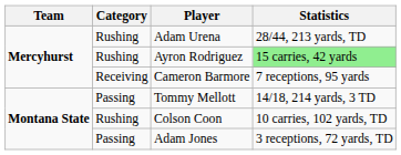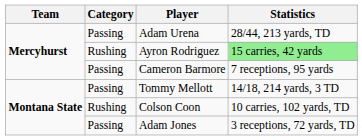 <table class="wikitable" style="float: right;">
 <tr>
 <th>Team</th>
 <th>Category</th>
 <th>Player</th>
 <th>Statistics</th>
 </tr>
 <tr>
 <td rowspan=3><strong>Mercyhurst</strong></td>
-<td>Rushing</td>
+<td>Passing</td>
 <td>Adam Urena</td>
 <td>28/44, 213 yards, TD</td>
 </tr>
 <tr>
 <td>Rushing</td>
 <td>Ayron Rodriguez</td>
 <td style="background: lightgreen;">15 carries, 42 yards</td>
 </tr>
 <tr>
-<td>Receiving</td>
+<td>Passing</td>
 <td>Cameron Barmore</td>
 <td>7 receptions, 95 yards</td>
 </tr>
 <tr>
 <td rowspan=3><strong>Montana State</strong></td>
 <td>Passing</td>
 <td>Tommy Mellott</td>
 <td>14/18, 214 yards, 3 TD</td>
 </tr>
 <tr>
 <td>Rushing</td>
 <td>Colson Coon</td>
 <td>10 carries, 102 yards, TD</td>
 </tr>
 <tr>
 <td>Passing</td>
 <td>Adam Jones</td>
 <td>3 receptions, 72 yards, TD</td>
 </tr>
 </table>
